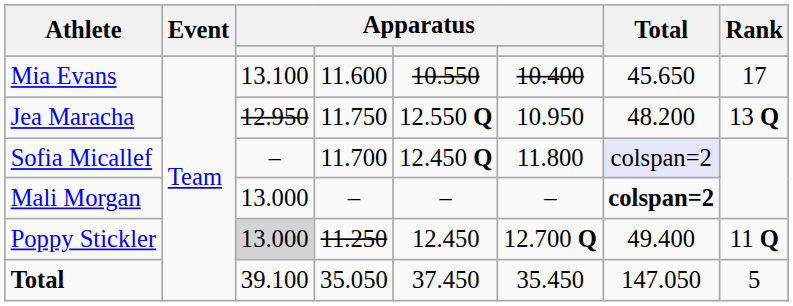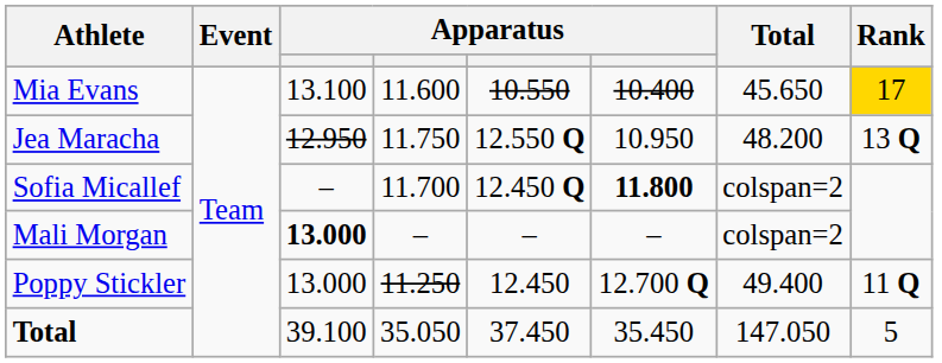 <table class="wikitable" style="font-size:90%; text-align:center">
 <tr>
 <th rowspan=2>Athlete</th>
 <th rowspan=2>Event</th>
 <th colspan=4>Apparatus</th>
 <th rowspan=2>Total</th>
 <th rowspan=2>Rank</th>
 </tr>
 <tr style="font-size:95%">
 <th></th>
 <th></th>
 <th></th>
 <th></th>
 </tr>
 <tr>
 <td align=left><a href='#'>Mia Evans</a></td>
 <td align=left rowspan=6><a href='#'>Team</a></td>
 <td>13.100</td>
 <td>11.600</td>
 <td><s>10.550</s></td>
 <td><s>10.400</s></td>
 <td>45.650</td>
-<td>17</td>
+<td style="background: gold;">17</td>
 </tr>
 <tr>
 <td align=left><a href='#'>Jea Maracha</a></td>
 <td><s>12.950</s></td>
 <td>11.750</td>
 <td>12.550 <strong>Q</strong></td>
 <td>10.950</td>
 <td>48.200</td>
 <td>13 <strong>Q</strong></td>
 </tr>
 <tr>
 <td align=left><a href='#'>Sofia Micallef</a></td>
 <td>–</td>
 <td>11.700</td>
 <td>12.450 <strong>Q</strong></td>
-<td>11.800</td>
-<td style="background: lavender;">colspan=2 </td>
+<td><strong>11.800</strong></td>
+<td>colspan=2 </td>
 </tr>
 <tr>
 <td align=left><a href='#'>Mali Morgan</a></td>
-<td>13.000</td>
+<td><strong>13.000</strong></td>
 <td>–</td>
 <td>–</td>
 <td>–</td>
-<td><strong>colspan=2 </strong></td>
+<td>colspan=2 </td>
 </tr>
 <tr>
 <td align=left><a href='#'>Poppy Stickler</a></td>
-<td style="background: lightgrey;">13.000</td>
+<td>13.000</td>
 <td><s>11.250</s></td>
 <td>12.450</td>
 <td>12.700 <strong>Q</strong></td>
 <td>49.400</td>
 <td>11 <strong>Q</strong></td>
 </tr>
 <tr>
 <td align=left><strong>Total</strong></td>
 <td>39.100</td>
 <td>35.050</td>
 <td>37.450</td>
 <td>35.450</td>
 <td>147.050</td>
 <td>5</td>
 </tr>
 </table>
